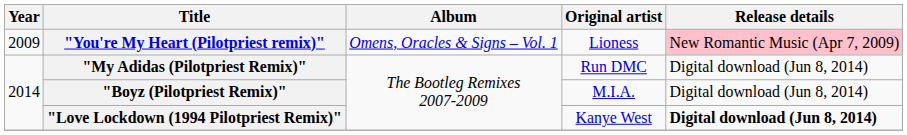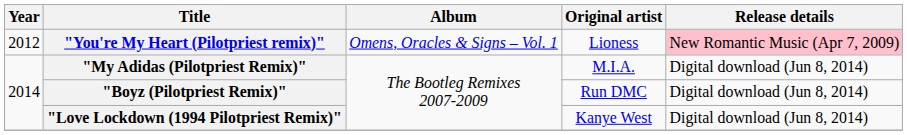 <table class="wikitable plainrowheaders" style="text-align:center;">
 <tr>
 <th scope="col" rowspan="1">Year</th>
 <th scope="col" rowspan="1">Title</th>
 <th scope="col" rowspan="1">Album</th>
 <th scope="col" rowspan="1">Original artist</th>
 <th scope="col" rowspan="1">Release details</th>
 </tr>
 <tr>
-<td rowspan="1">2009</td>
+<td rowspan="1">2012</td>
 <th scope="row"><a href='#'>"You're My Heart (Pilotpriest remix)"</a></th>
 <td><em><a href='#'>Omens, Oracles & Signs – Vol. 1</a></em></td>
 <td><a href='#'>Lioness</a></td>
 <td align=left style="background: pink;">New Romantic Music (Apr 7, 2009)</td>
 </tr>
 <tr>
 <td rowspan="3">2014</td>
 <th scope="row">"My Adidas (Pilotpriest Remix)"</th>
 <td rowspan="3"><em>The Bootleg Remixes<br>2007-2009</em></td>
-<td><a href='#'>Run DMC</a></td>
+<td><a href='#'>M.I.A.</a></td>
 <td align=left>Digital download (Jun 8, 2014)</td>
 </tr>
 <tr>
 <th scope="row">"Boyz (Pilotpriest Remix)"</th>
-<td><a href='#'>M.I.A.</a></td>
+<td><a href='#'>Run DMC</a></td>
 <td align=left>Digital download (Jun 8, 2014)</td>
 </tr>
 <tr>
 <th scope="row">"Love Lockdown (1994 Pilotpriest Remix)"</th>
 <td><a href='#'>Kanye West</a></td>
-<td align=left><strong>Digital download (Jun 8, 2014)</strong></td>
+<td align=left>Digital download (Jun 8, 2014)</td>
 </tr>
 <tr>
 </tr>
 </table>
